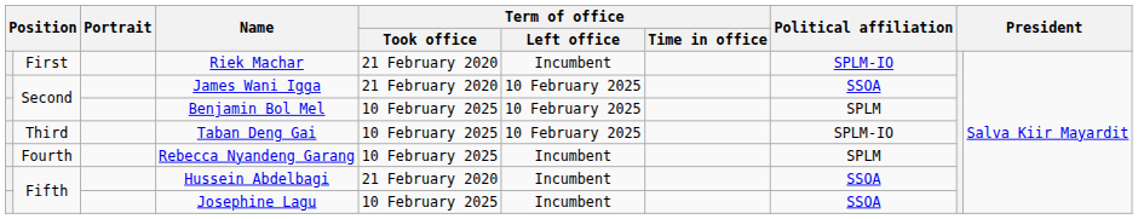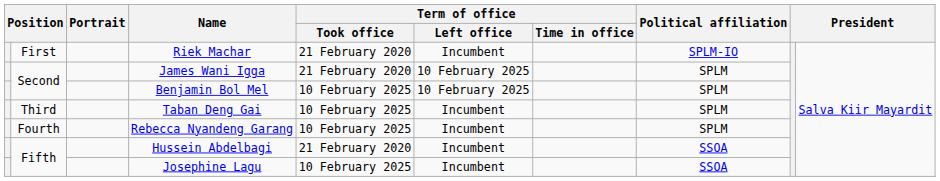 <table class="wikitable" style="text-align:center;">
 <tr>
 <th rowspan=2 colspan=2>Position</th>
 <th rowspan=2>Portrait</th>
 <th rowspan=2>Name</th>
 <th colspan=3>Term of office</th>
 <th rowspan=2>Political affiliation</th>
 <th rowspan=2 colspan=2>President</th>
 </tr>
 <tr>
 <th>Took office</th>
 <th>Left office</th>
 <th>Time in office</th>
 </tr>
 <tr>
 <th style="background:"></th>
 <td>First</td>
 <td></td>
 <td><a href='#'>Riek Machar</a></td>
 <td>21 February 2020</td>
 <td>Incumbent</td>
 <td></td>
 <td><a href='#'>SPLM-IO</a></td>
 <th rowspan=7 style="background:"></th>
 <td rowspan=7><a href='#'>Salva Kiir Mayardit</a></td>
 </tr>
 <tr>
 <th style="background:"></th>
 <td rowspan=2>Second</td>
 <td></td>
 <td><a href='#'>James Wani Igga</a></td>
 <td>21 February 2020</td>
 <td>10 February 2025</td>
 <td></td>
-<td><a href='#'>SSOA</a></td>
+<td>SPLM</td>
 </tr>
 <tr>
 <th style="background:"></th>
 <td></td>
 <td><a href='#'>Benjamin Bol Mel</a></td>
 <td>10 February 2025</td>
 <td>10 February 2025</td>
 <td></td>
 <td>SPLM</td>
 </tr>
 <tr>
 <th style="background:"></th>
 <td>Third</td>
 <td></td>
 <td><a href='#'>Taban Deng Gai</a></td>
 <td>10 February 2025</td>
-<td>10 February 2025</td>
+<td>Incumbent</td>
 <td></td>
-<td>SPLM-IO<br></td>
+<td>SPLM</td>
 </tr>
 <tr>
 <th style="background:"></th>
 <td>Fourth</td>
 <td></td>
 <td><a href='#'>Rebecca Nyandeng Garang</a></td>
 <td>10 February 2025</td>
 <td>Incumbent</td>
 <td></td>
 <td>SPLM<br></td>
 </tr>
 <tr>
 <th style="background:"></th>
 <td rowspan=2>Fifth</td>
 <td></td>
 <td><a href='#'>Hussein Abdelbagi</a></td>
 <td>21 February 2020</td>
 <td>Incumbent</td>
 <td></td>
 <td><a href='#'>SSOA</a></td>
 </tr>
 <tr>
 <th style="background:"></th>
 <td></td>
 <td><a href='#'>Josephine Lagu</a></td>
 <td>10 February 2025</td>
 <td>Incumbent</td>
 <td></td>
 <td><a href='#'>SSOA</a></td>
 </tr>
 </table>
